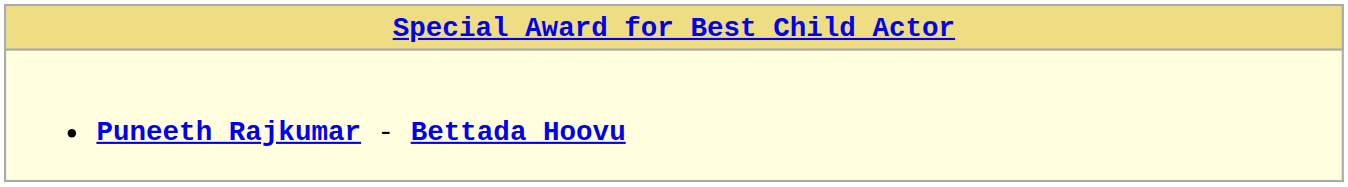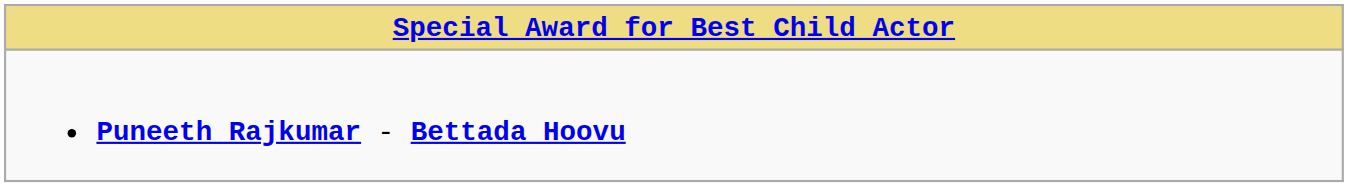 <table class="wikitable" width=50% |>
 <tr>
 <th !  style="background:#eedd82; text-align:center; width:50%;"><a href='#'>Special Award for Best Child Actor</a></th>
 </tr>
 <tr>
-<td valign="top" style="background: lightyellow;"><br><ul><li><strong><a href='#'>Puneeth Rajkumar</a></strong> - <strong><a href='#'>Bettada Hoovu</a></strong></li></ul></td>
+<td valign="top"><br><ul><li><strong><a href='#'>Puneeth Rajkumar</a></strong> - <strong><a href='#'>Bettada Hoovu</a></strong></li></ul></td>
 </tr>
 </table>
